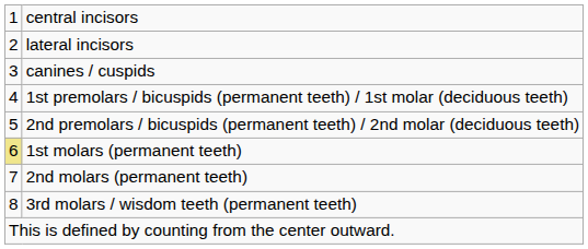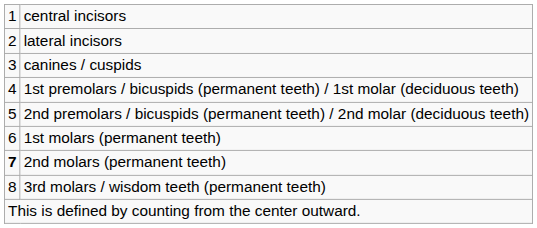 <table class="wikitable">
 <tr>
 <td>1</td>
 <td>central incisors</td>
 </tr>
 <tr>
 <td>2</td>
 <td>lateral incisors</td>
 </tr>
 <tr>
 <td>3</td>
 <td>canines / cuspids</td>
 </tr>
 <tr>
 <td>4</td>
 <td>1st premolars / bicuspids (permanent teeth) / 1st molar (deciduous teeth)</td>
 </tr>
 <tr>
 <td>5</td>
 <td>2nd premolars / bicuspids (permanent teeth) / 2nd molar (deciduous teeth)</td>
 </tr>
 <tr>
-<td style="background: khaki;">6</td>
+<td>6</td>
 <td>1st molars (permanent teeth)</td>
 </tr>
 <tr>
-<td>7</td>
+<td><strong>7</strong></td>
 <td>2nd molars (permanent teeth)</td>
 </tr>
 <tr>
 <td>8</td>
 <td>3rd molars / wisdom teeth (permanent teeth)</td>
 </tr>
 <tr>
 <td colspan=2>This is defined by counting from the center outward.</td>
 </tr>
 </table>
